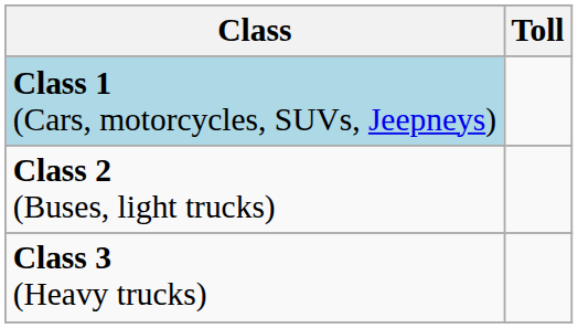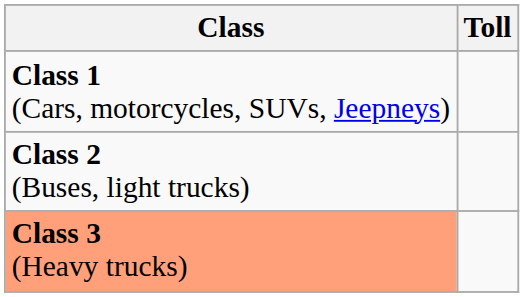 <table class="wikitable">
 <tr>
 <th>Class</th>
 <th>Toll</th>
 </tr>
 <tr>
-<td style="background: lightblue;"><strong>Class 1</strong><br>(Cars, motorcycles, SUVs, <a href='#'>Jeepneys</a>)</td>
+<td><strong>Class 1</strong><br>(Cars, motorcycles, SUVs, <a href='#'>Jeepneys</a>)</td>
 <td></td>
 </tr>
 <tr>
 <td><strong>Class 2</strong><br>(Buses, light trucks)</td>
 <td></td>
 </tr>
 <tr>
-<td><strong>Class 3</strong><br>(Heavy trucks)</td>
+<td style="background: lightsalmon;"><strong>Class 3</strong><br>(Heavy trucks)</td>
 <td></td>
 </tr>
 </table>
